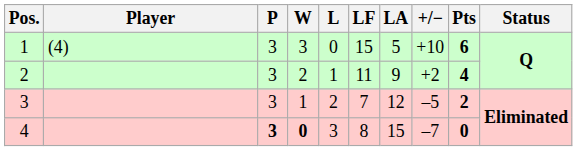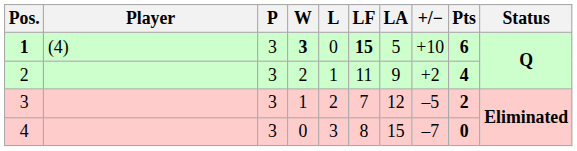 <table class="wikitable" style="text-align:center; margin: 1em auto 1em auto, align:left">
 <tr>
 <th width=20>Pos.</th>
 <th width=185>Player</th>
 <th width=20>P</th>
 <th width=20>W</th>
 <th width=20>L</th>
 <th width=20>LF</th>
 <th width=20>LA</th>
 <th width=25>+/−</th>
 <th width=20>Pts</th>
 <th width=70>Status</th>
 </tr>
 <tr style="background:#CCFFCC;">
-<td>1</td>
+<td><strong>1</strong></td>
 <td style="text-align:left"> (4)</td>
 <td>3</td>
-<td>3</td>
+<td><strong>3</strong></td>
 <td>0</td>
-<td>15</td>
+<td><strong>15</strong></td>
 <td>5</td>
 <td>+10</td>
 <td><strong>6</strong></td>
 <td rowspan=2><strong>Q</strong></td>
 </tr>
 <tr style="background:#CCFFCC;">
 <td>2</td>
 <td style="text-align:left"></td>
 <td>3</td>
 <td>2</td>
 <td>1</td>
 <td>11</td>
 <td>9</td>
 <td>+2</td>
 <td><strong>4</strong></td>
 </tr>
 <tr style="background:#FFCCCC;">
 <td>3</td>
 <td style="text-align:left"></td>
 <td>3</td>
 <td>1</td>
 <td>2</td>
 <td>7</td>
 <td>12</td>
 <td>–5</td>
 <td><strong>2</strong></td>
 <td rowspan=2><strong>Eliminated</strong></td>
 </tr>
 <tr style="background:#FFCCCC;">
 <td>4</td>
 <td style="text-align:left"></td>
-<td><strong>3</strong></td>
-<td><strong>0</strong></td>
+<td>3</td>
+<td>0</td>
 <td>3</td>
 <td>8</td>
 <td>15</td>
 <td>–7</td>
 <td><strong>0</strong></td>
 </tr>
 </table>
